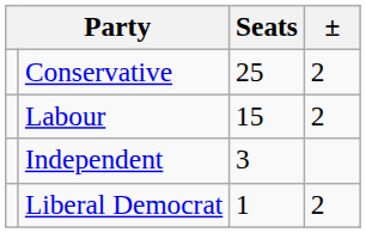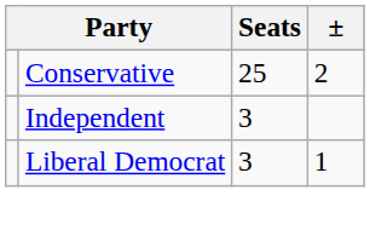 <table class="wikitable">
 <tr>
 <th colspan="2">Party</th>
 <th>Seats</th>
 <th>  ±  </th>
 </tr>
 <tr>
 <td style="background-color: "></td>
 <td><a href='#'>Conservative</a></td>
 <td>25</td>
 <td> 2</td>
 </tr>
 <tr>
 <td style="background-color: "></td>
-<td><a href='#'>Labour</a></td>
-<td>15</td>
-<td>2</td>
-</tr>
-<tr>
-<td style="background-color: "></td>
 <td><a href='#'>Independent</a></td>
 <td>3</td>
 <td></td>
 </tr>
 <tr>
 <td style="background-color: "></td>
 <td><a href='#'>Liberal Democrat</a></td>
+<td>3</td>
 <td>1</td>
-<td>2</td>
 </tr>
 </table>
